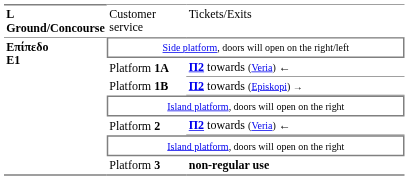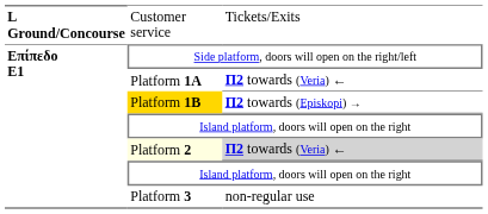 <table table border=0 cellspacing=0 cellpadding=3>
 <tr>
 <td style="border-bottom:solid 1px gray;border-top:solid 2px gray;" width=50 valign=top><strong>L<br>Ground/Concourse</strong></td>
 <td style="border-top:solid 1px gray;border-bottom:solid 1px gray;" width=100 valign=top>Customer service</td>
 <td style="border-top:solid 1px gray;border-bottom:solid 1px gray;" width=285 valign=top>Tickets/Exits</td>
 </tr>
 <tr>
 <td style="border-bottom:solid 2px gray;" rowspan=7 valign=top><strong>Επίπεδο<br>Ε1</strong></td>
 <td style="border-top:solid 1px gray;border-right:solid 2px gray;border-left:solid 2px gray;border-bottom:solid 2px gray;text-align:center;" colspan=2><small><a href='#'>Side platform</a>, doors will open on the right/left</small></td>
 </tr>
 <tr>
 <td>Platform <span><strong>1Α</strong></span></td>
 <td style="border-bottom:solid 1px gray;"><span><a href='#'><span><strong>Π2</strong></span></a></span>  towards  <small>(<a href='#'>Veria</a>)</small> ←</td>
 </tr>
 <tr>
-<td>Platform <span><strong>1Β</strong></span></td>
+<td style="background: gold;">Platform <span><strong>1Β</strong></span></td>
 <td style="border-bottom:solid 1px gray;"><span><a href='#'><span><strong>Π2</strong></span></a></span>  towards  <small>(<a href='#'>Episkopi</a>) →</small></td>
 </tr>
 <tr>
 <td style="border-top:solid 2px gray;border-right:solid 2px gray;border-left:solid 2px gray;border-bottom:solid 2px gray;text-align:center;" colspan=2><small><a href='#'>Island platform</a>, doors will open on the right</small></td>
 </tr>
 <tr>
-<td>Platform <span><strong>2</strong></span></td>
-<td style="border-bottom:solid 1px gray;"><span><a href='#'><span><strong>Π2</strong></span></a></span>  towards  <small>(<a href='#'>Veria</a>)</small> ←</td>
+<td style="background: lightyellow;">Platform <span><strong>2</strong></span></td>
+<td style="background: lightgrey; border-bottom:solid 1px gray;"><span><a href='#'><span><strong>Π2</strong></span></a></span>  towards  <small>(<a href='#'>Veria</a>)</small> ←</td>
 </tr>
 <tr>
 <td style="border-top:solid 2px gray;border-right:solid 2px gray;border-left:solid 2px gray;border-bottom:solid 2px gray;text-align:center;" colspan=2><small><a href='#'>Island platform</a>, doors will open on the right</small></td>
 </tr>
 <tr>
 <td style="border-bottom:solid 2px gray;">Platform <span><strong>3</strong></span></td>
-<td style="border-bottom:solid 2px gray;"><strong>non-regular use</strong></td>
+<td style="border-bottom:solid 2px gray;">non-regular use</td>
 </tr>
 </table>
